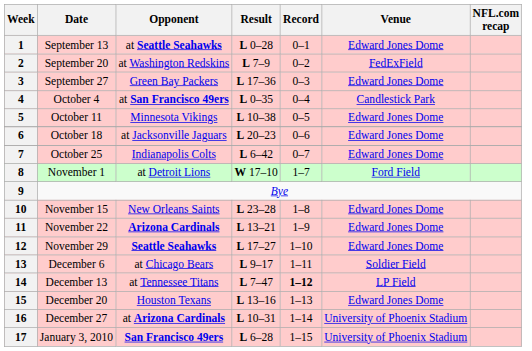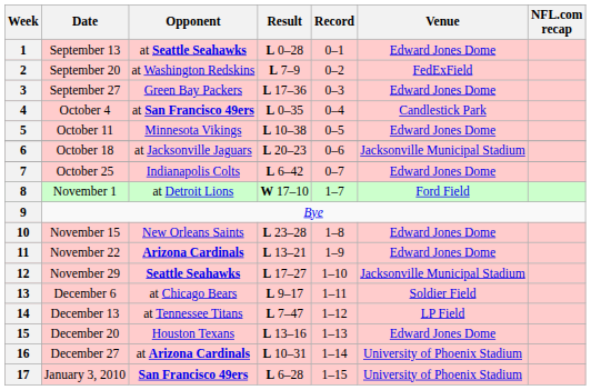 <table class="wikitable" style="text-align:center">
 <tr>
 <th>Week</th>
 <th>Date</th>
 <th>Opponent</th>
 <th>Result</th>
 <th>Record</th>
 <th>Venue</th>
 <th>NFL.com<br>recap</th>
 </tr>
 <tr style="background: #fcc;">
 <th>1</th>
 <td>September 13</td>
 <td>at <strong><a href='#'>Seattle Seahawks</a></strong></td>
 <td><strong>L</strong> 0–28</td>
 <td>0–1</td>
 <td><a href='#'>Edward Jones Dome</a></td>
 <td></td>
 </tr>
 <tr style="background: #fcc;">
 <th>2</th>
 <td>September 20</td>
 <td>at <a href='#'>Washington Redskins</a></td>
 <td><strong>L</strong> 7–9</td>
 <td>0–2</td>
 <td><a href='#'>FedExField</a></td>
 <td></td>
 </tr>
 <tr style="background: #fcc;">
 <th>3</th>
 <td>September 27</td>
 <td><a href='#'>Green Bay Packers</a></td>
 <td><strong>L</strong> 17–36</td>
 <td>0–3</td>
 <td><a href='#'>Edward Jones Dome</a></td>
 <td></td>
 </tr>
 <tr style="background: #fcc;">
 <th>4</th>
 <td>October 4</td>
 <td>at <strong><a href='#'>San Francisco 49ers</a></strong></td>
 <td><strong>L</strong> 0–35</td>
 <td>0–4</td>
 <td><a href='#'>Candlestick Park</a></td>
 <td></td>
 </tr>
 <tr style="background: #fcc;">
 <th>5</th>
 <td>October 11</td>
 <td><a href='#'>Minnesota Vikings</a></td>
 <td><strong>L</strong> 10–38</td>
 <td>0–5</td>
 <td><a href='#'>Edward Jones Dome</a></td>
 <td></td>
 </tr>
 <tr>
 </tr>
 <tr style="background: #fcc;">
 <th>6</th>
 <td>October 18</td>
 <td>at <a href='#'>Jacksonville Jaguars</a></td>
 <td><strong>L</strong> 20–23 </td>
 <td>0–6</td>
-<td><a href='#'>Edward Jones Dome</a></td>
+<td><a href='#'>Jacksonville Municipal Stadium</a></td>
 <td></td>
 </tr>
 <tr>
 </tr>
 <tr style="background: #fcc;">
 <th>7</th>
 <td>October 25</td>
 <td><a href='#'>Indianapolis Colts</a></td>
 <td><strong>L</strong> 6–42</td>
 <td>0–7</td>
 <td><a href='#'>Edward Jones Dome</a></td>
 <td></td>
 </tr>
 <tr style="background: #cfc;">
 <th>8</th>
 <td>November 1</td>
 <td>at <a href='#'>Detroit Lions</a></td>
 <td><strong>W</strong> 17–10</td>
 <td>1–7</td>
 <td><a href='#'>Ford Field</a></td>
 <td></td>
 </tr>
 <tr>
 <th>9</th>
 <td colspan="9" align="center"><em><a href='#'>Bye</a></em></td>
 </tr>
 <tr style="background: #fcc;">
 <th>10</th>
 <td>November 15</td>
 <td><a href='#'>New Orleans Saints</a></td>
 <td><strong>L</strong> 23–28</td>
 <td>1–8</td>
 <td><a href='#'>Edward Jones Dome</a></td>
 <td></td>
 </tr>
 <tr style="background: #fcc;">
 <th>11</th>
 <td>November 22</td>
 <td><strong><a href='#'>Arizona Cardinals</a></strong></td>
 <td><strong>L</strong> 13–21</td>
 <td>1–9</td>
 <td><a href='#'>Edward Jones Dome</a></td>
 <td></td>
 </tr>
 <tr style="background: #fcc">
 <th>12</th>
 <td>November 29</td>
 <td><strong><a href='#'>Seattle Seahawks</a></strong></td>
 <td><strong>L</strong> 17–27</td>
 <td>1–10</td>
-<td><a href='#'>Edward Jones Dome</a></td>
+<td><a href='#'>Jacksonville Municipal Stadium</a></td>
 <td></td>
 </tr>
 <tr style="background: #fcc;">
 <th>13</th>
 <td>December 6</td>
 <td>at <a href='#'>Chicago Bears</a></td>
 <td><strong>L</strong> 9–17</td>
 <td>1–11</td>
 <td><a href='#'>Soldier Field</a></td>
 <td></td>
 </tr>
 <tr style="background: #fcc;">
 <th>14</th>
 <td>December 13</td>
 <td>at <a href='#'>Tennessee Titans</a></td>
 <td><strong>L</strong> 7–47</td>
-<td><strong>1–12</strong></td>
+<td>1–12</td>
 <td><a href='#'>LP Field</a></td>
 <td></td>
 </tr>
 <tr style="background: #fcc;">
 <th>15</th>
 <td>December 20</td>
 <td><a href='#'>Houston Texans</a></td>
 <td><strong>L</strong> 13–16</td>
 <td>1–13</td>
 <td><a href='#'>Edward Jones Dome</a></td>
 <td></td>
 </tr>
 <tr style="background: #fcc;">
 <th>16</th>
 <td>December 27</td>
 <td>at <strong><a href='#'>Arizona Cardinals</a></strong></td>
 <td><strong>L</strong> 10–31</td>
 <td>1–14</td>
 <td><a href='#'>University of Phoenix Stadium</a></td>
 <td></td>
 </tr>
 <tr style="background: #fcc;">
 <th>17</th>
 <td>January 3, 2010</td>
 <td><strong><a href='#'>San Francisco 49ers</a></strong></td>
 <td><strong>L</strong> 6–28</td>
 <td>1–15</td>
 <td><a href='#'>University of Phoenix Stadium</a></td>
 <td></td>
 </tr>
 </table>
